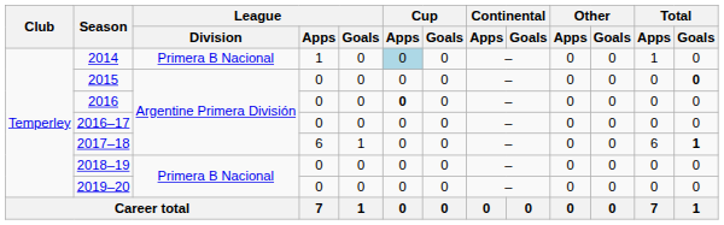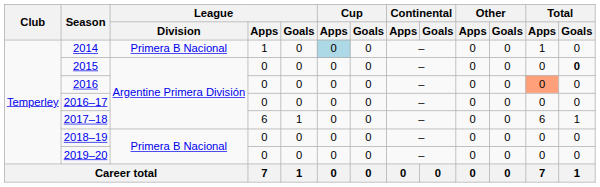 <table class="wikitable" style="text-align: center">
 <tr>
 <th rowspan="2">Club</th>
 <th rowspan="2">Season</th>
 <th colspan="3">League</th>
 <th colspan="2">Cup</th>
 <th colspan="2">Continental</th>
 <th colspan="2">Other</th>
 <th colspan="2">Total</th>
 </tr>
 <tr>
 <th>Division</th>
 <th>Apps</th>
 <th>Goals</th>
 <th>Apps</th>
 <th>Goals</th>
 <th>Apps</th>
 <th>Goals</th>
 <th>Apps</th>
 <th>Goals</th>
 <th>Apps</th>
 <th>Goals</th>
 </tr>
 <tr>
 <td rowspan="7"><a href='#'>Temperley</a></td>
 <td><a href='#'>2014</a></td>
 <td><a href='#'>Primera B Nacional</a></td>
 <td>1</td>
 <td>0</td>
 <td style="background: lightblue;">0</td>
 <td>0</td>
 <td colspan="2">–</td>
 <td>0</td>
 <td>0</td>
 <td>1</td>
 <td>0</td>
 </tr>
 <tr>
 <td><a href='#'>2015</a></td>
 <td rowspan="4"><a href='#'>Argentine Primera División</a></td>
 <td>0</td>
 <td>0</td>
 <td>0</td>
 <td>0</td>
 <td colspan="2">–</td>
 <td>0</td>
 <td>0</td>
 <td>0</td>
 <td><strong>0</strong></td>
 </tr>
 <tr>
 <td><a href='#'>2016</a></td>
 <td>0</td>
 <td>0</td>
-<td><strong>0</strong></td>
+<td>0</td>
 <td>0</td>
 <td colspan="2">–</td>
 <td>0</td>
 <td>0</td>
-<td>0</td>
+<td style="background: lightsalmon;">0</td>
 <td>0</td>
 </tr>
 <tr>
 <td><a href='#'>2016–17</a></td>
 <td>0</td>
 <td>0</td>
 <td>0</td>
 <td>0</td>
 <td colspan="2">–</td>
 <td>0</td>
 <td>0</td>
 <td>0</td>
 <td>0</td>
 </tr>
 <tr>
 <td><a href='#'>2017–18</a></td>
 <td>6</td>
 <td>1</td>
 <td>0</td>
 <td>0</td>
 <td colspan="2">–</td>
 <td>0</td>
 <td>0</td>
 <td>6</td>
-<td><strong>1</strong></td>
+<td>1</td>
 </tr>
 <tr>
 <td><a href='#'>2018–19</a></td>
 <td rowspan="2"><a href='#'>Primera B Nacional</a></td>
 <td>0</td>
 <td>0</td>
 <td>0</td>
 <td>0</td>
 <td colspan="2">–</td>
 <td>0</td>
 <td>0</td>
 <td>0</td>
 <td>0</td>
 </tr>
 <tr>
 <td><a href='#'>2019–20</a></td>
 <td>0</td>
 <td>0</td>
 <td>0</td>
 <td>0</td>
 <td colspan="2">–</td>
 <td>0</td>
 <td>0</td>
 <td>0</td>
 <td>0</td>
 </tr>
 <tr>
 <th colspan=3>Career total</th>
 <th>7</th>
 <th>1</th>
 <th>0</th>
 <th>0</th>
 <th>0</th>
 <th>0</th>
 <th>0</th>
 <th>0</th>
 <th>7</th>
 <th>1</th>
 </tr>
 </table>
